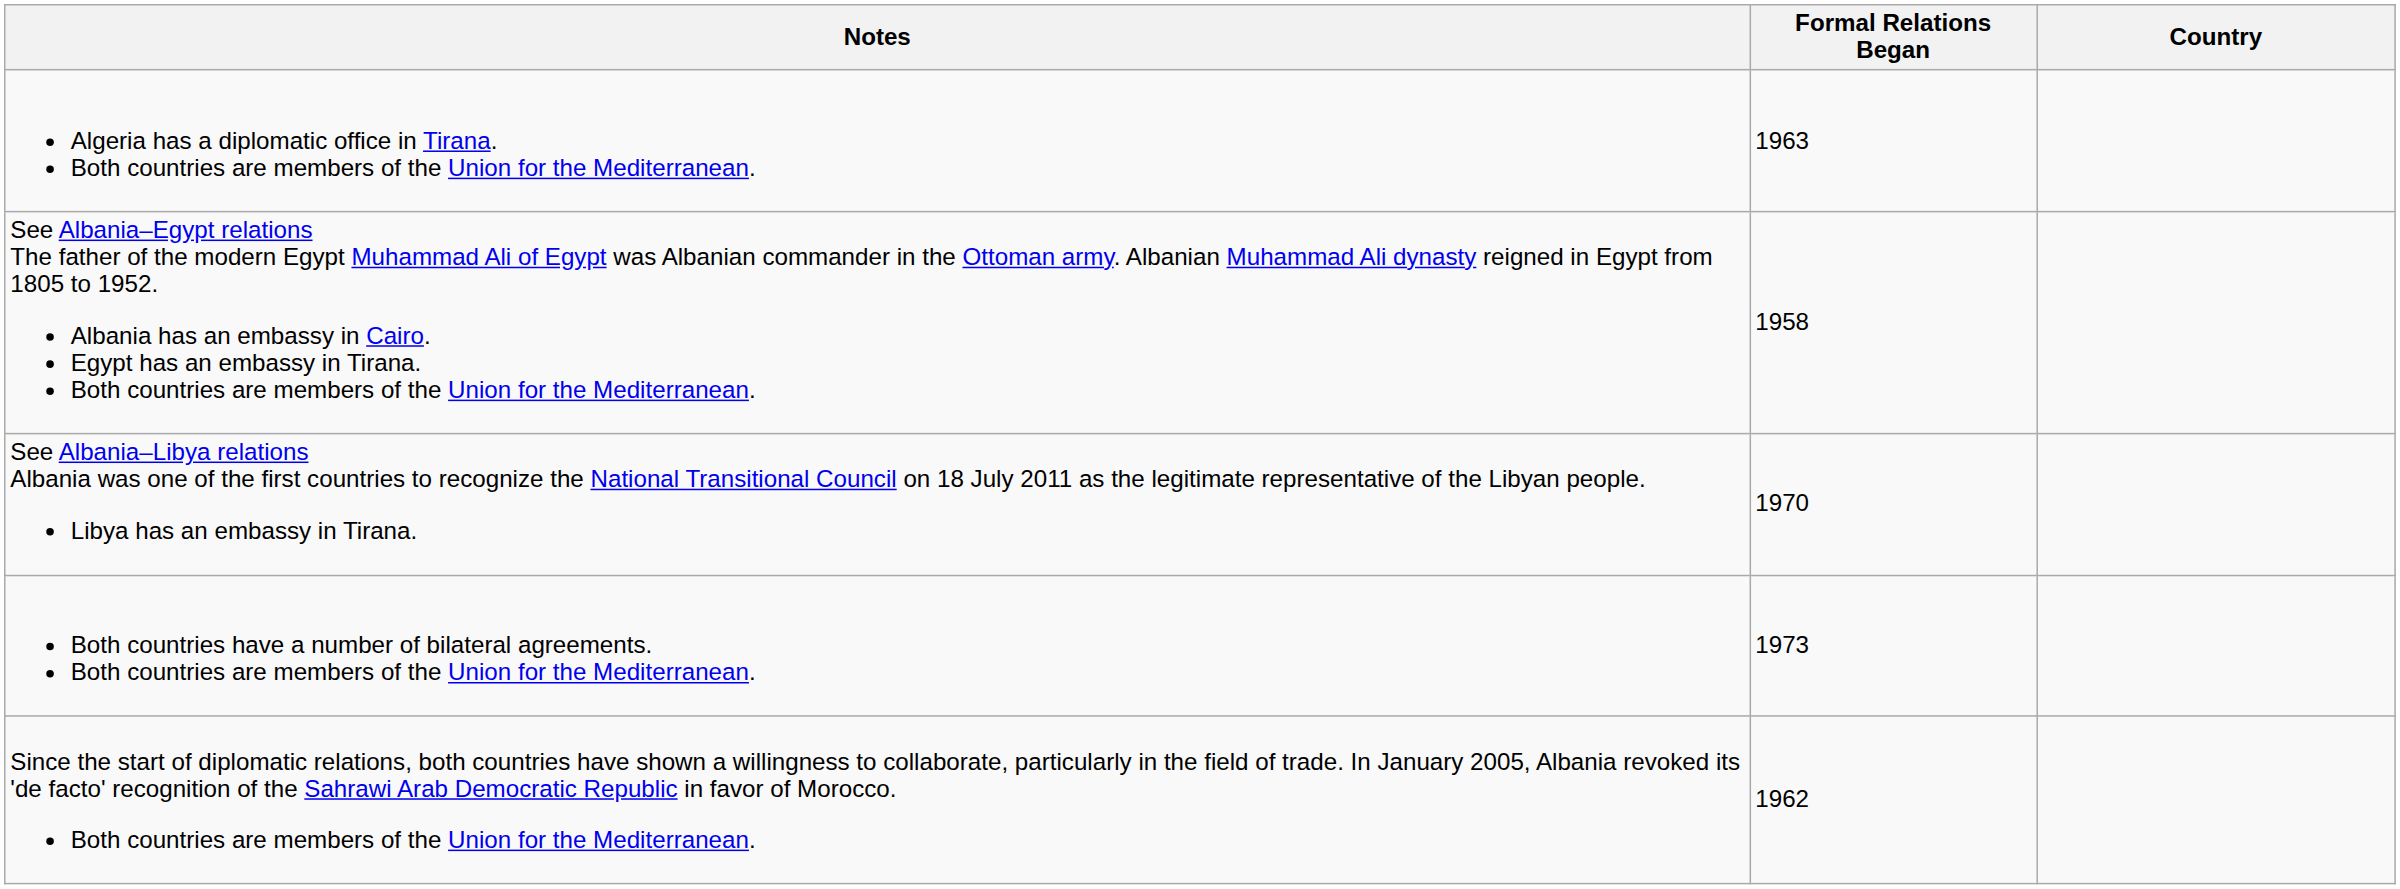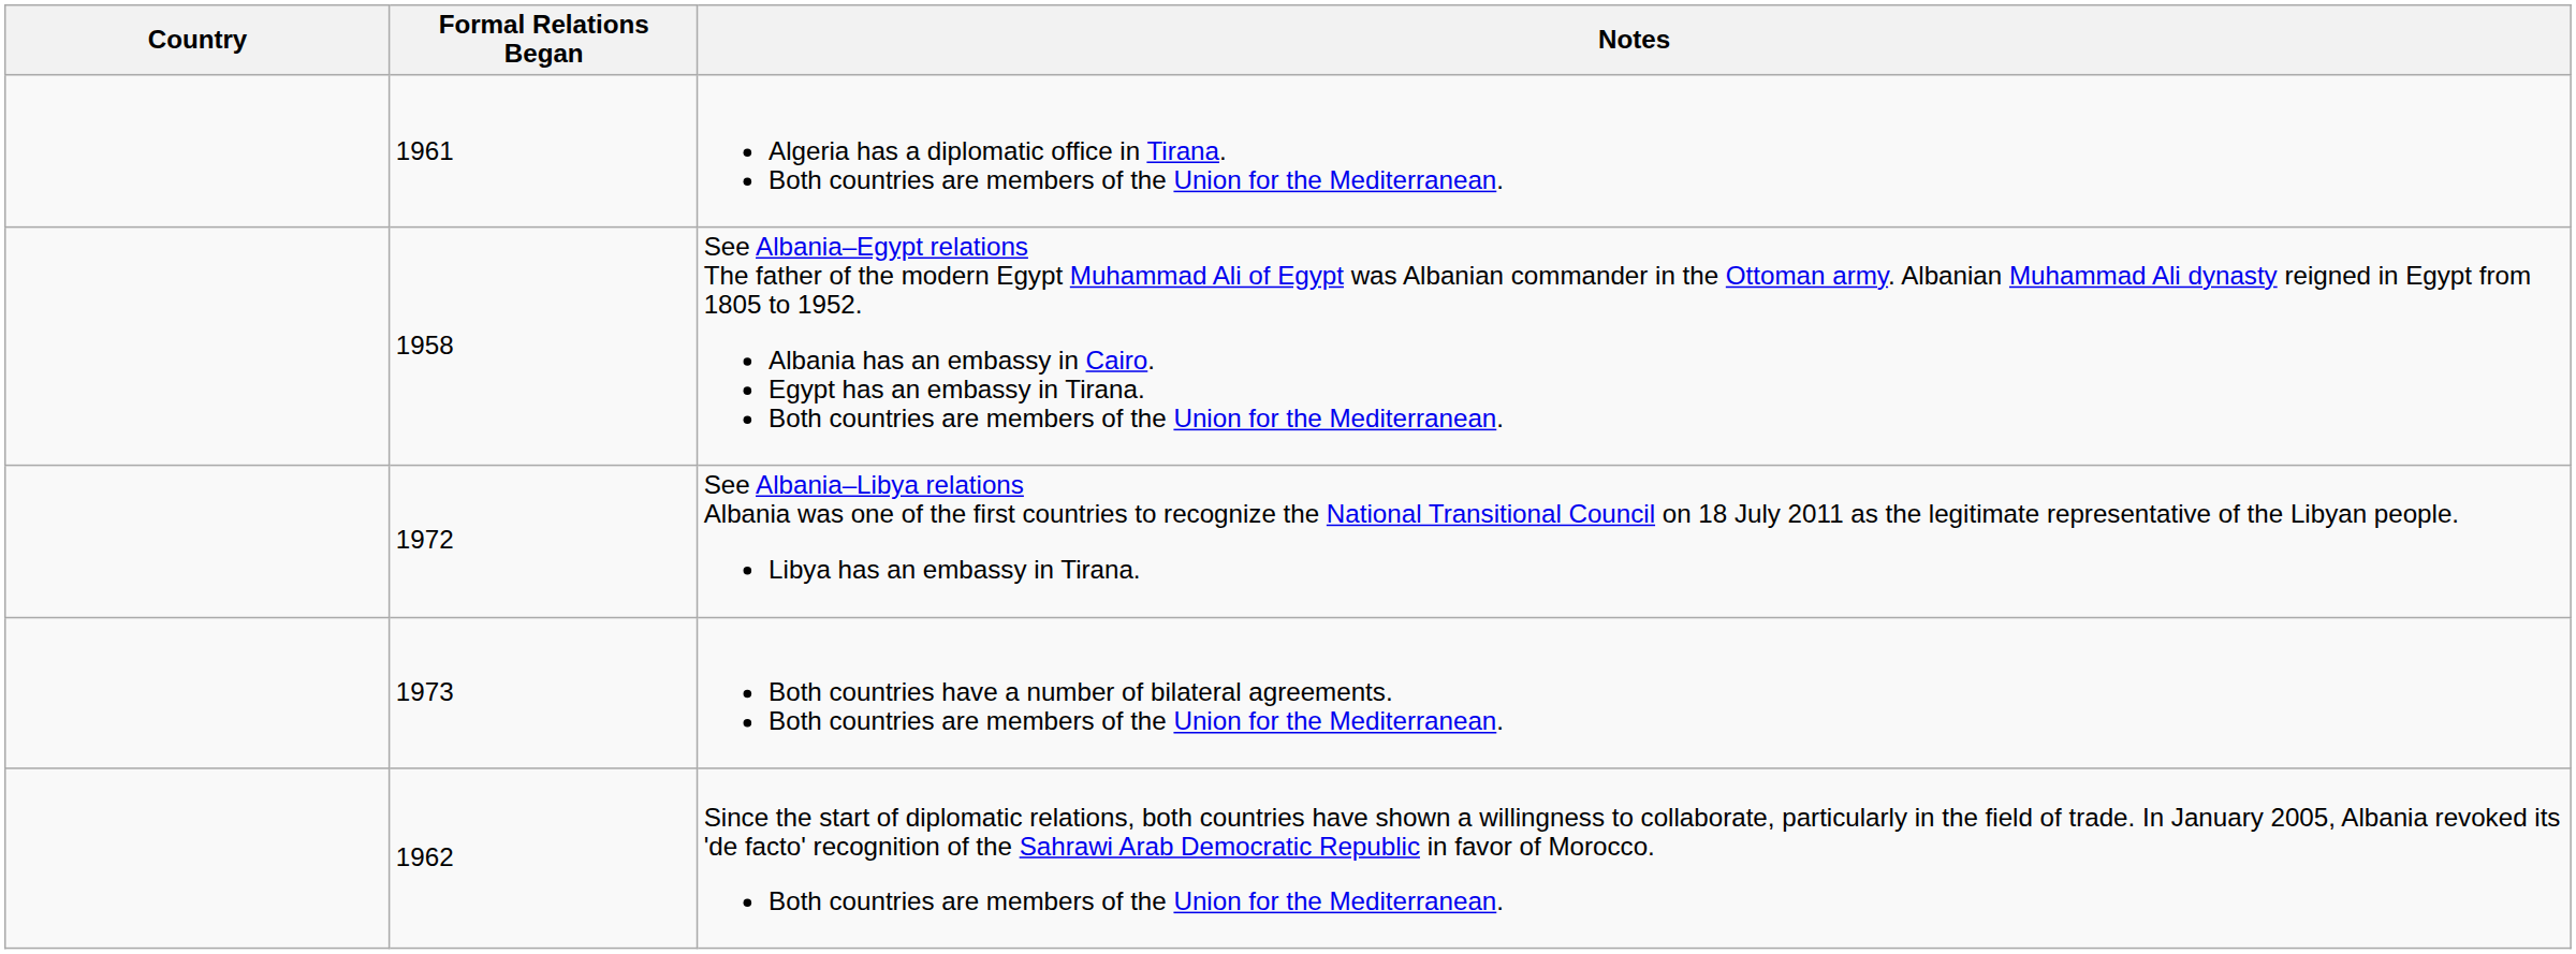 <table class="wikitable sortable" border="1" style="width:100%; margin:auto;">
 <tr>
+<th width="15%">Country</th>
+<th width="12%">Formal Relations Began</th>
 <th>Notes</th>
-<th width="12%">Formal Relations Began</th>
-<th width="15%">Country</th>
 </tr>
 <tr -valign="top">
+<td></td>
+<td>1961</td>
 <td><br><ul><li>Algeria has a diplomatic office in <a href='#'>Tirana</a>.</li><li>Both countries are members of the <a href='#'>Union for the Mediterranean</a>.</li></ul></td>
-<td>1963</td>
-<td></td>
 </tr>
 <tr -valign="top">
+<td></td>
+<td>1958</td>
 <td>See <a href='#'>Albania–Egypt relations</a><br>The father of the modern Egypt <a href='#'>Muhammad Ali of Egypt</a> was Albanian commander in the <a href='#'>Ottoman army</a>. Albanian <a href='#'>Muhammad Ali dynasty</a> reigned in Egypt from 1805 to 1952.<ul><li>Albania has an embassy in <a href='#'>Cairo</a>.</li><li>Egypt has an embassy in Tirana.</li><li>Both countries are members of the <a href='#'>Union for the Mediterranean</a>.</li></ul></td>
-<td>1958</td>
-<td></td>
 </tr>
 <tr -valign="top">
+<td></td>
+<td>1972</td>
 <td>See <a href='#'>Albania–Libya relations</a><br>Albania was one of the first countries to recognize the <a href='#'>National Transitional Council</a> on 18 July 2011 as the legitimate representative of the Libyan people.<ul><li>Libya has an embassy in Tirana.</li></ul></td>
-<td>1970</td>
-<td></td>
 </tr>
 <tr -valign="top">
+<td></td>
+<td>1973</td>
 <td><br><ul><li>Both countries have a number of bilateral agreements.</li><li>Both countries are members of the <a href='#'>Union for the Mediterranean</a>.</li></ul></td>
-<td>1973</td>
-<td></td>
 </tr>
 <tr -valign="top">
+<td></td>
+<td>1962</td>
 <td><br>Since the start of diplomatic relations, both countries have shown a willingness to collaborate, particularly in the field of trade. In January 2005, Albania revoked its 'de facto' recognition of the <a href='#'>Sahrawi Arab Democratic Republic</a> in favor of Morocco.<ul><li>Both countries are members of the <a href='#'>Union for the Mediterranean</a>.</li></ul></td>
-<td>1962</td>
-<td></td>
 </tr>
 </table>
